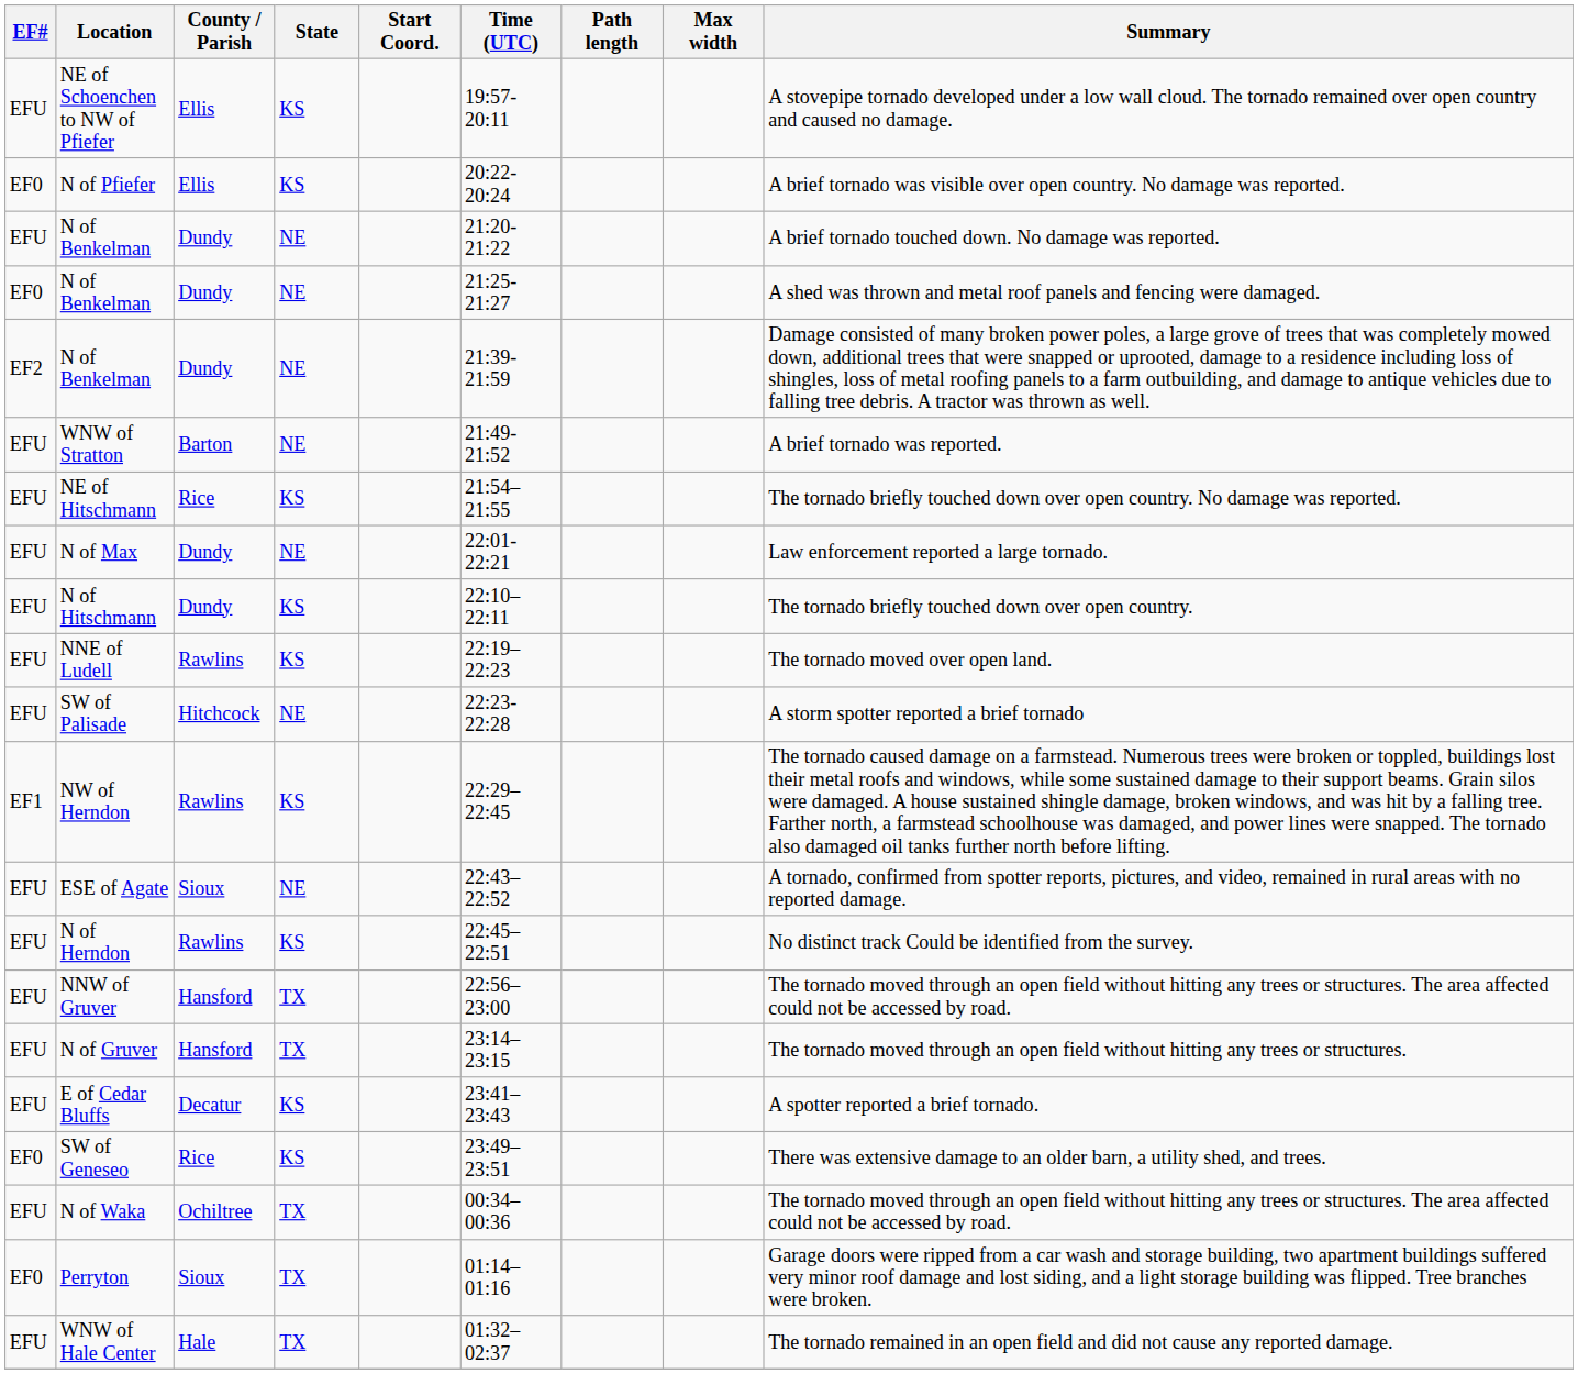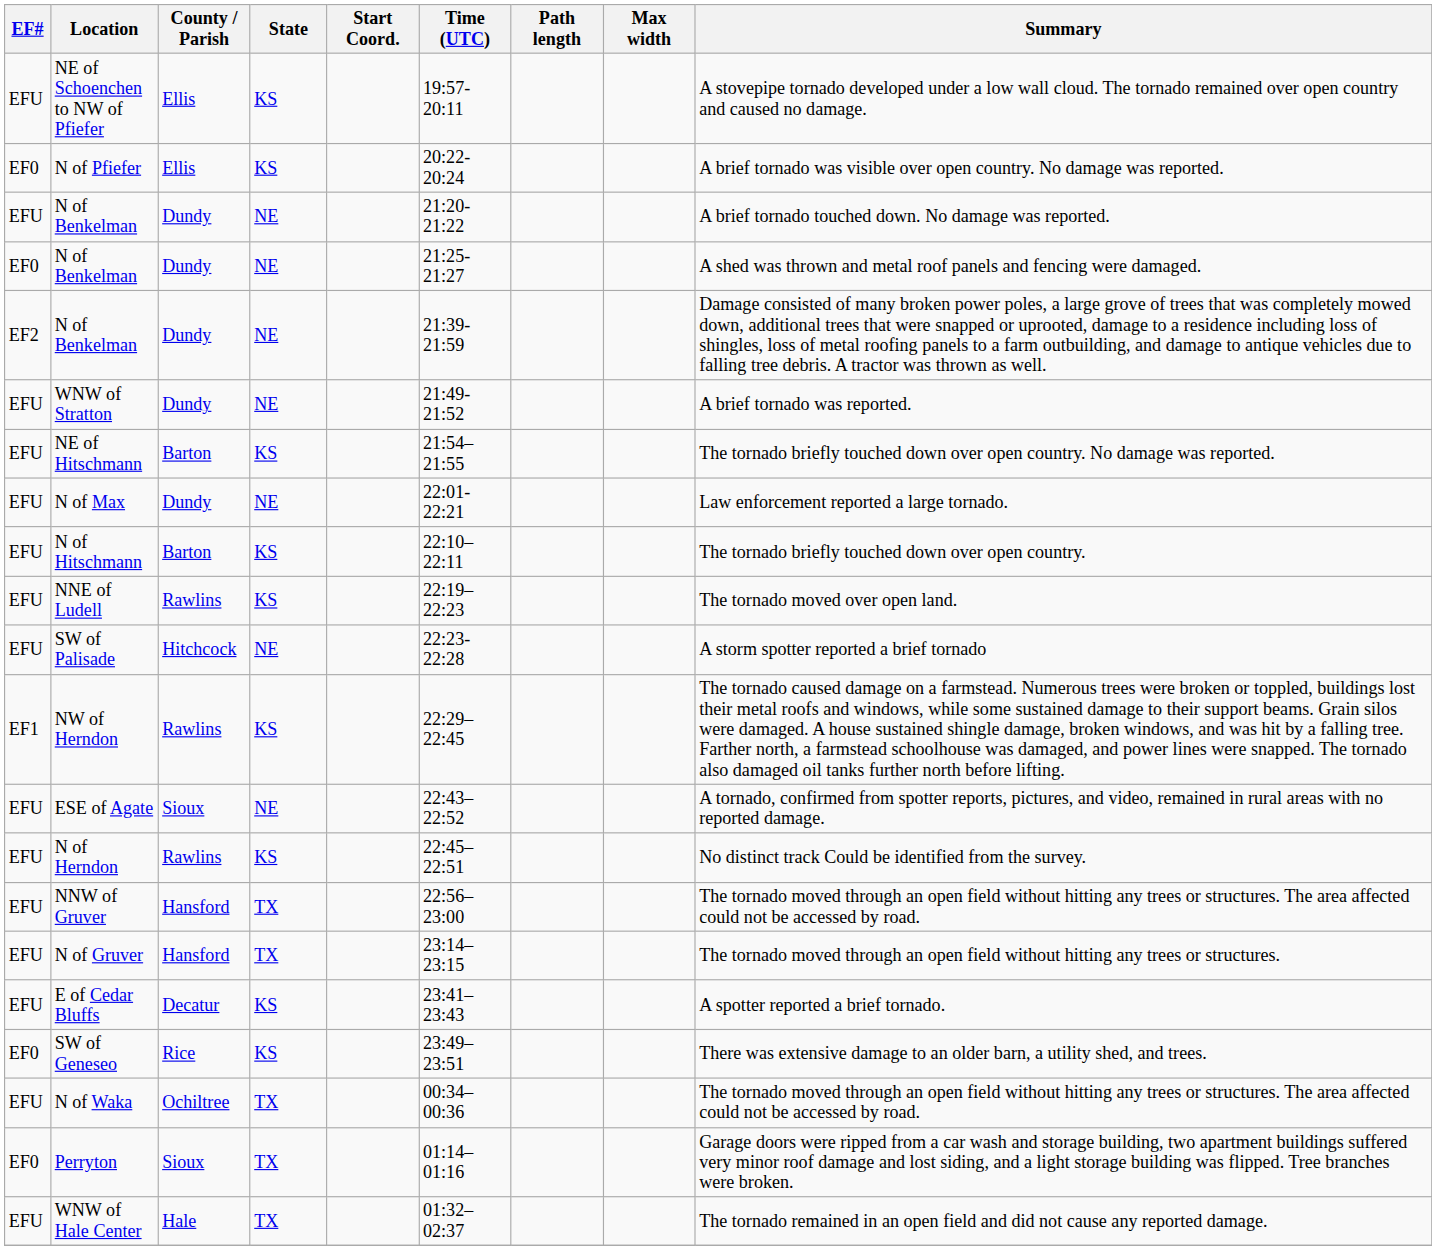 <table class="wikitable sortable" style="width:100%;">
 <tr>
 <th scope="col"  style="width:3%; text-align:center;"><a href='#'>EF#</a></th>
 <th scope="col"  style="width:7%; text-align:center;" class="unsortable">Location</th>
 <th scope="col"  style="width:6%; text-align:center;" class="unsortable">County / Parish</th>
 <th scope="col"  style="width:5%; text-align:center;">State</th>
 <th scope="col"  style="width:6%; text-align:center;">Start Coord.</th>
 <th scope="col"  style="width:6%; text-align:center;">Time (<a href='#'>UTC</a>)</th>
 <th scope="col"  style="width:6%; text-align:center;">Path length</th>
 <th scope="col"  style="width:6%; text-align:center;">Max width</th>
 <th scope="col" class="unsortable" style="width:48%; text-align:center;">Summary</th>
 </tr>
 <tr>
 <td>EFU</td>
 <td>NE of <a href='#'>Schoenchen</a> to NW of <a href='#'>Pfiefer</a></td>
 <td><a href='#'>Ellis</a></td>
 <td><a href='#'>KS</a></td>
 <td></td>
 <td>19:57-20:11</td>
 <td></td>
 <td></td>
 <td>A stovepipe tornado developed under a low wall cloud. The tornado remained over open country and caused no damage.</td>
 </tr>
 <tr>
 <td>EF0</td>
 <td>N of <a href='#'>Pfiefer</a></td>
 <td><a href='#'>Ellis</a></td>
 <td><a href='#'>KS</a></td>
 <td></td>
 <td>20:22-20:24</td>
 <td></td>
 <td></td>
 <td>A brief tornado was visible over open country. No damage was reported.</td>
 </tr>
 <tr>
 <td>EFU</td>
 <td>N of <a href='#'>Benkelman</a></td>
 <td><a href='#'>Dundy</a></td>
 <td><a href='#'>NE</a></td>
 <td></td>
 <td>21:20-21:22</td>
 <td></td>
 <td></td>
 <td>A brief tornado touched down. No damage was reported.</td>
 </tr>
 <tr>
 <td>EF0</td>
 <td>N of <a href='#'>Benkelman</a></td>
 <td><a href='#'>Dundy</a></td>
 <td><a href='#'>NE</a></td>
 <td></td>
 <td>21:25-21:27</td>
 <td></td>
 <td></td>
 <td>A shed was thrown  and metal roof panels and fencing were damaged.</td>
 </tr>
 <tr>
 <td>EF2</td>
 <td>N of <a href='#'>Benkelman</a></td>
 <td><a href='#'>Dundy</a></td>
 <td><a href='#'>NE</a></td>
 <td></td>
 <td>21:39-21:59</td>
 <td></td>
 <td></td>
 <td>Damage consisted of many broken power poles, a large grove of trees that was completely mowed down, additional trees that were snapped or uprooted, damage to a residence including loss of shingles, loss of metal roofing panels to a farm outbuilding, and damage to antique vehicles due to falling tree debris. A tractor was thrown  as well.</td>
 </tr>
 <tr>
 <td>EFU</td>
 <td>WNW of <a href='#'>Stratton</a></td>
-<td><a href='#'>Barton</a></td>
+<td><a href='#'>Dundy</a></td>
 <td><a href='#'>NE</a></td>
 <td></td>
 <td>21:49-21:52</td>
 <td></td>
 <td></td>
 <td>A brief tornado was reported.</td>
 </tr>
 <tr>
 <td>EFU</td>
 <td>NE of <a href='#'>Hitschmann</a></td>
-<td><a href='#'>Rice</a></td>
+<td><a href='#'>Barton</a></td>
 <td><a href='#'>KS</a></td>
 <td></td>
 <td>21:54–21:55</td>
 <td></td>
 <td></td>
 <td>The tornado briefly touched down over open country. No damage was reported.</td>
 </tr>
 <tr>
 <td>EFU</td>
 <td>N of <a href='#'>Max</a></td>
 <td><a href='#'>Dundy</a></td>
 <td><a href='#'>NE</a></td>
 <td></td>
 <td>22:01-22:21</td>
 <td></td>
 <td></td>
 <td>Law enforcement reported a large tornado.</td>
 </tr>
 <tr>
 <td>EFU</td>
 <td>N of <a href='#'>Hitschmann</a></td>
-<td><a href='#'>Dundy</a></td>
+<td><a href='#'>Barton</a></td>
 <td><a href='#'>KS</a></td>
 <td></td>
 <td>22:10–22:11</td>
 <td></td>
 <td></td>
 <td>The tornado briefly touched down over open country.</td>
 </tr>
 <tr>
 <td>EFU</td>
 <td>NNE of <a href='#'>Ludell</a></td>
 <td><a href='#'>Rawlins</a></td>
 <td><a href='#'>KS</a></td>
 <td></td>
 <td>22:19–22:23</td>
 <td></td>
 <td></td>
 <td>The tornado moved over open land.</td>
 </tr>
 <tr>
 <td>EFU</td>
 <td>SW of <a href='#'>Palisade</a></td>
 <td><a href='#'>Hitchcock</a></td>
 <td><a href='#'>NE</a></td>
 <td></td>
 <td>22:23-22:28</td>
 <td></td>
 <td></td>
 <td>A storm spotter reported a brief tornado</td>
 </tr>
 <tr>
 <td>EF1</td>
 <td>NW of <a href='#'>Herndon</a></td>
 <td><a href='#'>Rawlins</a></td>
 <td><a href='#'>KS</a></td>
 <td></td>
 <td>22:29–22:45</td>
 <td></td>
 <td></td>
 <td>The tornado caused damage on a farmstead. Numerous trees were broken or toppled, buildings lost their metal roofs and windows, while some sustained damage to their support beams. Grain silos were damaged. A house sustained shingle damage, broken windows, and was hit by a falling tree. Farther north, a farmstead schoolhouse was damaged, and power lines were snapped. The tornado also damaged oil tanks further north before lifting.</td>
 </tr>
 <tr>
 <td>EFU</td>
 <td>ESE of <a href='#'>Agate</a></td>
 <td><a href='#'>Sioux</a></td>
 <td><a href='#'>NE</a></td>
 <td></td>
 <td>22:43–22:52</td>
 <td></td>
 <td></td>
 <td>A tornado, confirmed from spotter reports, pictures, and video, remained in rural areas with no reported damage.</td>
 </tr>
 <tr>
 <td>EFU</td>
 <td>N of <a href='#'>Herndon</a></td>
 <td><a href='#'>Rawlins</a></td>
 <td><a href='#'>KS</a></td>
 <td></td>
 <td>22:45–22:51</td>
 <td></td>
 <td></td>
 <td>No distinct track Could be identified from the survey.</td>
 </tr>
 <tr>
 <td>EFU</td>
 <td>NNW of <a href='#'>Gruver</a></td>
 <td><a href='#'>Hansford</a></td>
 <td><a href='#'>TX</a></td>
 <td></td>
 <td>22:56–23:00</td>
 <td></td>
 <td></td>
 <td>The tornado moved through an open field without hitting any trees or structures. The area affected could not be accessed by road.</td>
 </tr>
 <tr>
 <td>EFU</td>
 <td>N of <a href='#'>Gruver</a></td>
 <td><a href='#'>Hansford</a></td>
 <td><a href='#'>TX</a></td>
 <td></td>
 <td>23:14–23:15</td>
 <td></td>
 <td></td>
 <td>The tornado moved through an open field without hitting any trees or structures.</td>
 </tr>
 <tr>
 <td>EFU</td>
 <td>E of <a href='#'>Cedar Bluffs</a></td>
 <td><a href='#'>Decatur</a></td>
 <td><a href='#'>KS</a></td>
 <td></td>
 <td>23:41–23:43</td>
 <td></td>
 <td></td>
 <td>A spotter reported a brief tornado.</td>
 </tr>
 <tr>
 <td>EF0</td>
 <td>SW of <a href='#'>Geneseo</a></td>
 <td><a href='#'>Rice</a></td>
 <td><a href='#'>KS</a></td>
 <td></td>
 <td>23:49–23:51</td>
 <td></td>
 <td></td>
 <td>There was extensive damage to an older barn, a utility shed, and trees.</td>
 </tr>
 <tr>
 <td>EFU</td>
 <td>N of <a href='#'>Waka</a></td>
 <td><a href='#'>Ochiltree</a></td>
 <td><a href='#'>TX</a></td>
 <td></td>
 <td>00:34–00:36</td>
 <td></td>
 <td></td>
 <td>The tornado moved through an open field without hitting any trees or structures. The area affected could not be accessed by road.</td>
 </tr>
 <tr>
 <td>EF0</td>
 <td><a href='#'>Perryton</a></td>
 <td><a href='#'>Sioux</a></td>
 <td><a href='#'>TX</a></td>
 <td></td>
 <td>01:14–01:16</td>
 <td></td>
 <td></td>
 <td>Garage doors were ripped from a car wash and storage building, two apartment buildings suffered very minor roof damage and lost siding, and a light storage building was flipped. Tree branches were broken.</td>
 </tr>
 <tr>
 <td>EFU</td>
 <td>WNW of <a href='#'>Hale Center</a></td>
 <td><a href='#'>Hale</a></td>
 <td><a href='#'>TX</a></td>
 <td></td>
 <td>01:32–02:37</td>
 <td></td>
 <td></td>
 <td>The tornado remained in an open field and did not cause any reported damage.</td>
 </tr>
 <tr>
 </tr>
 </table>
